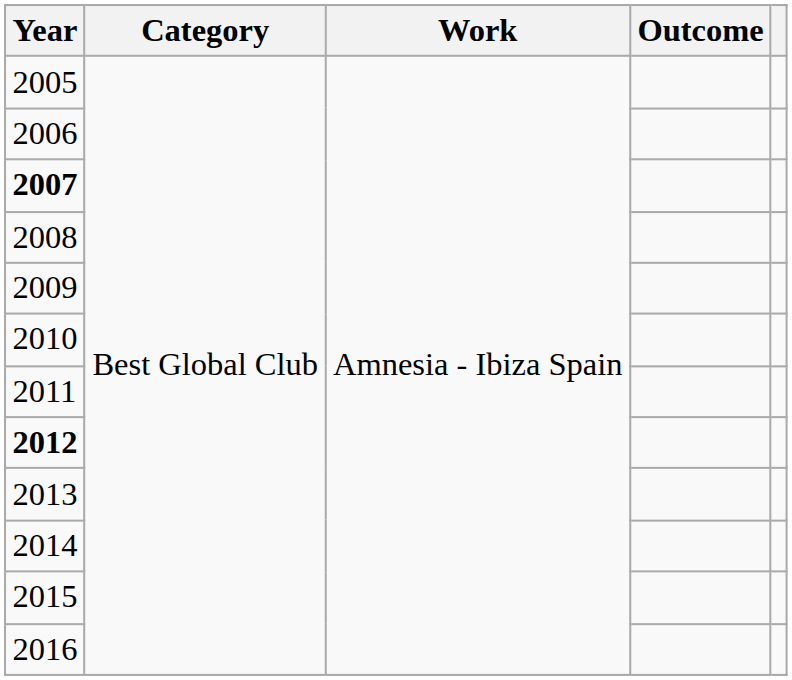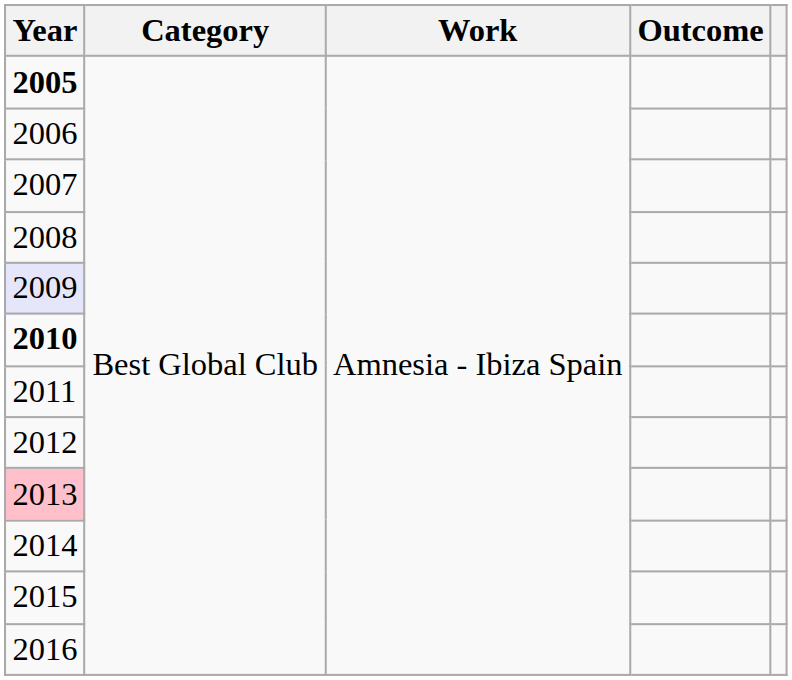 <table class="wikitable sortable">
 <tr>
 <th>Year</th>
 <th>Category</th>
 <th>Work</th>
 <th>Outcome</th>
 <th></th>
 </tr>
 <tr>
-<td>2005</td>
+<td><strong>2005</strong></td>
 <td rowspan="12">Best Global Club</td>
 <td rowspan="12">Amnesia - Ibiza Spain</td>
 <td></td>
 <td></td>
 </tr>
 <tr>
 <td>2006</td>
 <td></td>
 <td></td>
 </tr>
 <tr>
-<td><strong>2007</strong></td>
+<td>2007</td>
 <td></td>
 <td></td>
 </tr>
 <tr>
 <td>2008</td>
 <td></td>
 <td></td>
 </tr>
 <tr>
-<td>2009</td>
+<td style="background: lavender;">2009</td>
 <td></td>
 <td></td>
 </tr>
 <tr>
-<td>2010</td>
+<td><strong>2010</strong></td>
 <td></td>
 <td></td>
 </tr>
 <tr>
 <td>2011</td>
 <td></td>
 <td></td>
 </tr>
 <tr>
-<td><strong>2012</strong></td>
+<td>2012</td>
 <td></td>
 <td></td>
 </tr>
 <tr>
-<td>2013</td>
+<td style="background: pink;">2013</td>
 <td></td>
 <td></td>
 </tr>
 <tr>
 <td>2014</td>
 <td></td>
 <td></td>
 </tr>
 <tr>
 <td>2015</td>
 <td></td>
 <td></td>
 </tr>
 <tr>
 <td>2016</td>
 <td></td>
 <td></td>
 </tr>
 </table>
